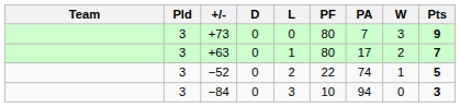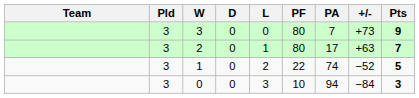 <table class="wikitable" style="text-align: center;">
 <tr>
 <th width="200">Team</th>
 <th width="40">Pld</th>
-<th width="40">+/-</th>
+<th width="40">W</th>
 <th width="40">D</th>
 <th width="40">L</th>
 <th width="40">PF</th>
 <th width="40">PA</th>
-<th width="40">W</th>
+<th width="40">+/-</th>
 <th width="40">Pts</th>
 </tr>
 <tr bgcolor="#ccffcc">
 <td align=left></td>
 <td>3</td>
-<td>+73</td>
+<td>3</td>
 <td>0</td>
 <td>0</td>
 <td>80</td>
 <td>7</td>
-<td>3</td>
+<td>+73</td>
 <td><strong>9</strong></td>
 </tr>
 <tr bgcolor="#ccffcc">
 <td align=left></td>
 <td>3</td>
-<td>+63</td>
+<td>2</td>
 <td>0</td>
 <td>1</td>
 <td>80</td>
 <td>17</td>
-<td>2</td>
+<td>+63</td>
 <td><strong>7</strong></td>
 </tr>
 <tr>
 <td align=left></td>
 <td>3</td>
-<td>−52</td>
+<td>1</td>
 <td>0</td>
 <td>2</td>
 <td>22</td>
 <td>74</td>
-<td>1</td>
+<td>−52</td>
 <td><strong>5</strong></td>
 </tr>
 <tr>
 <td align=left></td>
 <td>3</td>
-<td>−84</td>
+<td>0</td>
 <td>0</td>
 <td>3</td>
 <td>10</td>
 <td>94</td>
-<td>0</td>
+<td>−84</td>
 <td><strong>3</strong></td>
 </tr>
 </table>
